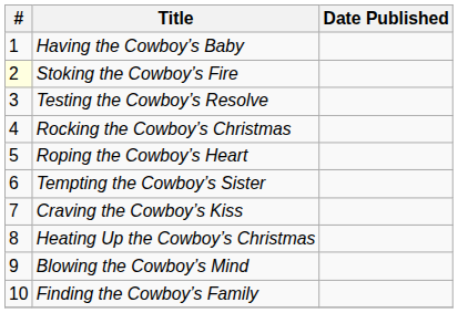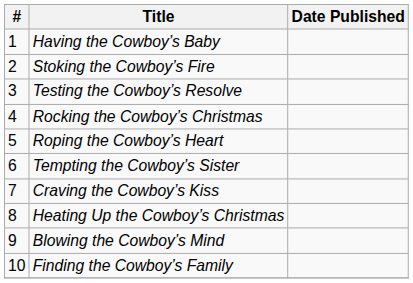 <table class="wikitable">
 <tr>
 <th>#</th>
 <th>Title</th>
 <th>Date Published</th>
 </tr>
 <tr>
 <td>1</td>
 <td><em>Having the Cowboy’s Baby</em></td>
 <td></td>
 </tr>
 <tr>
-<td style="background: lightyellow;">2</td>
+<td>2</td>
 <td><em>Stoking the Cowboy’s Fire</em></td>
 <td></td>
 </tr>
 <tr>
 <td>3</td>
 <td><em>Testing the Cowboy’s Resolve</em></td>
 <td></td>
 </tr>
 <tr>
 <td>4</td>
 <td><em>Rocking the Cowboy’s Christmas</em></td>
 <td></td>
 </tr>
 <tr>
 <td>5</td>
 <td><em>Roping the Cowboy’s Heart</em></td>
 <td></td>
 </tr>
 <tr>
 <td>6</td>
 <td><em>Tempting the Cowboy’s Sister</em></td>
 <td></td>
 </tr>
 <tr>
 <td>7</td>
 <td><em>Craving the Cowboy’s Kiss</em></td>
 <td></td>
 </tr>
 <tr>
 <td>8</td>
 <td><em>Heating Up the Cowboy’s Christmas</em></td>
 <td></td>
 </tr>
 <tr>
 <td>9</td>
 <td><em>Blowing the Cowboy’s Mind</em></td>
 <td></td>
 </tr>
 <tr>
 <td>10</td>
 <td><em>Finding the Cowboy’s Family</em></td>
 <td></td>
 </tr>
 <tr>
 </tr>
 </table>
